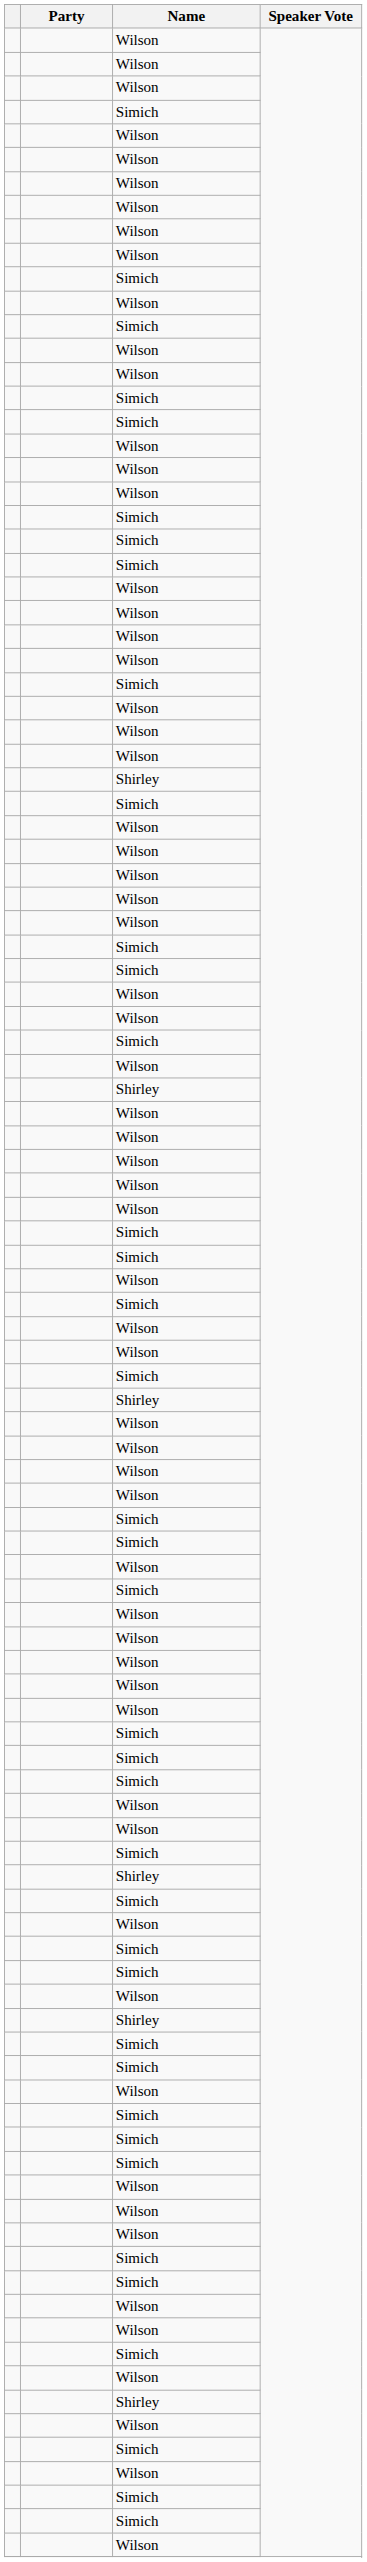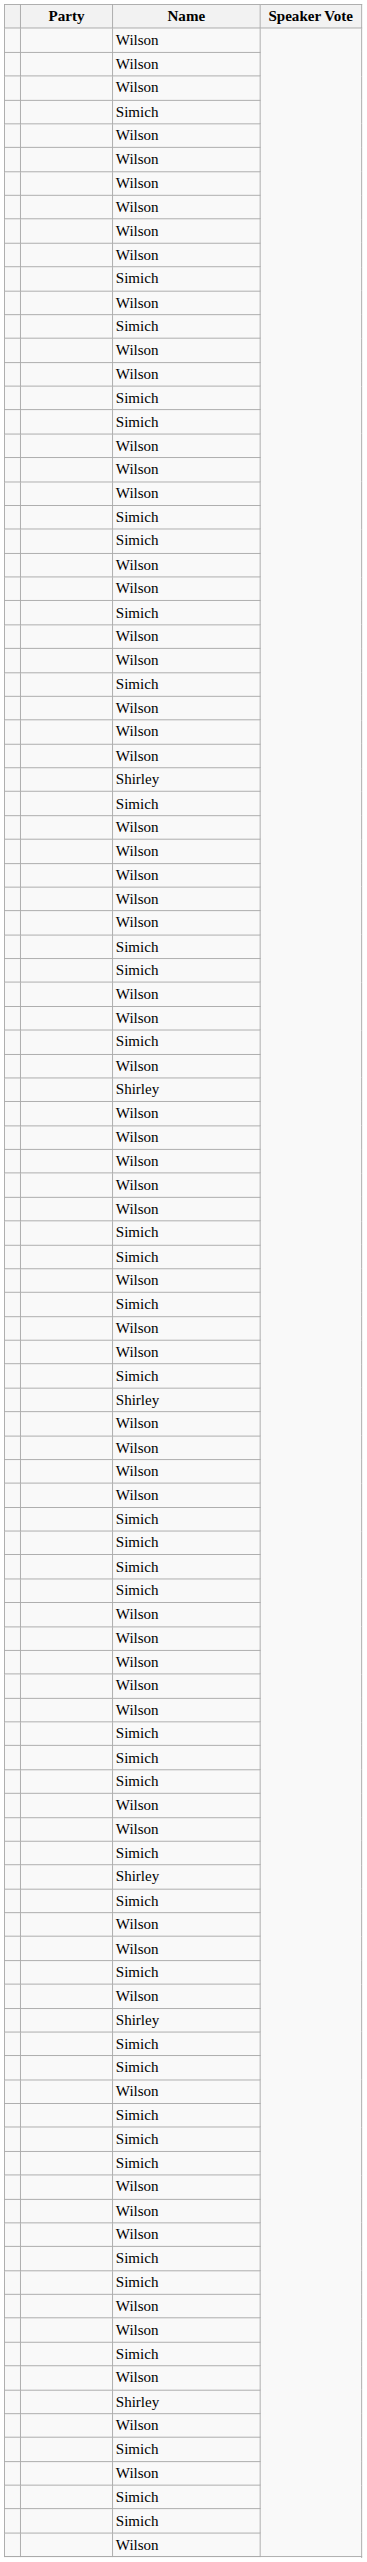 <table class="wikitable sortable mw-collapsible mw-collapsed">
 <tr>
 <th width=10 class=unsortable></th>
 <th width=90>Party</th>
 <th width=150>Name</th>
 <th width=100>Speaker Vote</th>
 </tr>
 <tr>
 <td></td>
 <td></td>
 <td>Wilson</td>
 </tr>
 <tr>
 <td></td>
 <td></td>
 <td>Wilson</td>
 </tr>
 <tr>
 <td></td>
 <td></td>
 <td>Wilson</td>
 </tr>
 <tr>
 <td></td>
 <td></td>
 <td>Simich</td>
 </tr>
 <tr>
 <td></td>
 <td></td>
 <td>Wilson</td>
 </tr>
 <tr>
 <td></td>
 <td></td>
 <td>Wilson</td>
 </tr>
 <tr>
 <td></td>
 <td></td>
 <td>Wilson</td>
 </tr>
 <tr>
 <td></td>
 <td></td>
 <td>Wilson</td>
 </tr>
 <tr>
 <td></td>
 <td></td>
 <td>Wilson</td>
 </tr>
 <tr>
 <td></td>
 <td></td>
 <td>Wilson</td>
 </tr>
 <tr>
 <td></td>
 <td></td>
 <td>Simich</td>
 </tr>
 <tr>
 <td></td>
 <td></td>
 <td>Wilson</td>
 </tr>
 <tr>
 <td></td>
 <td></td>
 <td>Simich</td>
 </tr>
 <tr>
 <td></td>
 <td></td>
 <td>Wilson</td>
 </tr>
 <tr>
 <td></td>
 <td></td>
 <td>Wilson</td>
 </tr>
 <tr>
 <td></td>
 <td></td>
 <td>Simich</td>
 </tr>
 <tr>
 <td></td>
 <td></td>
 <td>Simich</td>
 </tr>
 <tr>
 <td></td>
 <td></td>
 <td>Wilson</td>
 </tr>
 <tr>
 <td></td>
 <td></td>
 <td>Wilson</td>
 </tr>
 <tr>
 <td></td>
 <td></td>
 <td>Wilson</td>
 </tr>
 <tr>
 <td></td>
 <td></td>
 <td>Simich</td>
 </tr>
 <tr>
 <td></td>
 <td></td>
 <td>Simich</td>
 </tr>
 <tr>
 <td></td>
 <td></td>
-<td>Simich</td>
+<td>Wilson</td>
 </tr>
 <tr>
 <td></td>
 <td></td>
 <td>Wilson</td>
 </tr>
 <tr>
 <td></td>
 <td></td>
-<td>Wilson</td>
+<td>Simich</td>
 </tr>
 <tr>
 <td></td>
 <td></td>
 <td>Wilson</td>
 </tr>
 <tr>
 <td></td>
 <td></td>
 <td>Wilson</td>
 </tr>
 <tr>
 <td></td>
 <td></td>
 <td>Simich</td>
 </tr>
 <tr>
 <td></td>
 <td></td>
 <td>Wilson</td>
 </tr>
 <tr>
 <td></td>
 <td></td>
 <td>Wilson</td>
 </tr>
 <tr>
 <td></td>
 <td></td>
 <td>Wilson</td>
 </tr>
 <tr>
 <td></td>
 <td></td>
 <td>Shirley</td>
 </tr>
 <tr>
 <td></td>
 <td></td>
 <td>Simich</td>
 </tr>
 <tr>
 <td></td>
 <td></td>
 <td>Wilson</td>
 </tr>
 <tr>
 <td></td>
 <td></td>
 <td>Wilson</td>
 </tr>
 <tr>
 <td></td>
 <td></td>
 <td>Wilson</td>
 </tr>
 <tr>
 <td></td>
 <td></td>
 <td>Wilson</td>
 </tr>
 <tr>
 <td></td>
 <td></td>
 <td>Wilson</td>
 </tr>
 <tr>
 <td></td>
 <td></td>
 <td>Simich</td>
 </tr>
 <tr>
 <td></td>
 <td></td>
 <td>Simich</td>
 </tr>
 <tr>
 <td></td>
 <td></td>
 <td>Wilson</td>
 </tr>
 <tr>
 <td></td>
 <td></td>
 <td>Wilson</td>
 </tr>
 <tr>
 <td></td>
 <td></td>
 <td>Simich</td>
 </tr>
 <tr>
 <td></td>
 <td></td>
 <td>Wilson</td>
 </tr>
 <tr>
 <td></td>
 <td></td>
 <td>Shirley</td>
 </tr>
 <tr>
 <td></td>
 <td></td>
 <td>Wilson</td>
 </tr>
 <tr>
 <td></td>
 <td></td>
 <td>Wilson</td>
 </tr>
 <tr>
 <td></td>
 <td></td>
 <td>Wilson</td>
 </tr>
 <tr>
 <td></td>
 <td></td>
 <td>Wilson</td>
 </tr>
 <tr>
 <td></td>
 <td></td>
 <td>Wilson</td>
 </tr>
 <tr>
 <td></td>
 <td></td>
 <td>Simich</td>
 </tr>
 <tr>
 <td></td>
 <td></td>
 <td>Simich</td>
 </tr>
 <tr>
 <td></td>
 <td></td>
 <td>Wilson</td>
 </tr>
 <tr>
 <td></td>
 <td></td>
 <td>Simich</td>
 </tr>
 <tr>
 <td></td>
 <td></td>
 <td>Wilson</td>
 </tr>
 <tr>
 <td></td>
 <td></td>
 <td>Wilson</td>
 </tr>
 <tr>
 <td></td>
 <td></td>
 <td>Simich</td>
 </tr>
 <tr>
 <td></td>
 <td></td>
 <td>Shirley</td>
 </tr>
 <tr>
 <td></td>
 <td></td>
 <td>Wilson</td>
 </tr>
 <tr>
 <td></td>
 <td></td>
 <td>Wilson</td>
 </tr>
 <tr>
 <td></td>
 <td></td>
 <td>Wilson</td>
 </tr>
 <tr>
 <td></td>
 <td></td>
 <td>Wilson</td>
 </tr>
 <tr>
 <td></td>
 <td></td>
 <td>Simich</td>
 </tr>
 <tr>
 <td></td>
 <td></td>
 <td>Simich</td>
 </tr>
 <tr>
 <td></td>
 <td></td>
-<td>Wilson</td>
+<td>Simich</td>
 </tr>
 <tr>
 <td></td>
 <td></td>
 <td>Simich</td>
 </tr>
 <tr>
 <td></td>
 <td></td>
 <td>Wilson</td>
 </tr>
 <tr>
 <td></td>
 <td></td>
 <td>Wilson</td>
 </tr>
 <tr>
 <td></td>
 <td></td>
 <td>Wilson</td>
 </tr>
 <tr>
 <td></td>
 <td></td>
 <td>Wilson</td>
 </tr>
 <tr>
 <td></td>
 <td></td>
 <td>Wilson</td>
 </tr>
 <tr>
 <td></td>
 <td></td>
 <td>Simich</td>
 </tr>
 <tr>
 <td></td>
 <td></td>
 <td>Simich</td>
 </tr>
 <tr>
 <td></td>
 <td></td>
 <td>Simich</td>
 </tr>
 <tr>
 <td></td>
 <td></td>
 <td>Wilson</td>
 </tr>
 <tr>
 <td></td>
 <td></td>
 <td>Wilson</td>
 </tr>
 <tr>
 <td></td>
 <td></td>
 <td>Simich</td>
 </tr>
 <tr>
 <td></td>
 <td></td>
 <td>Shirley</td>
 </tr>
 <tr>
 <td></td>
 <td></td>
 <td>Simich</td>
 </tr>
 <tr>
 <td></td>
 <td></td>
 <td>Wilson</td>
 </tr>
 <tr>
 <td></td>
 <td></td>
-<td>Simich</td>
+<td>Wilson</td>
 </tr>
 <tr>
 <td></td>
 <td></td>
 <td>Simich</td>
 </tr>
 <tr>
 <td></td>
 <td></td>
 <td>Wilson</td>
 </tr>
 <tr>
 <td></td>
 <td></td>
 <td>Shirley</td>
 </tr>
 <tr>
 <td></td>
 <td></td>
 <td>Simich</td>
 </tr>
 <tr>
 <td></td>
 <td></td>
 <td>Simich</td>
 </tr>
 <tr>
 <td></td>
 <td></td>
 <td>Wilson</td>
 </tr>
 <tr>
 <td></td>
 <td></td>
 <td>Simich</td>
 </tr>
 <tr>
 <td></td>
 <td></td>
 <td>Simich</td>
 </tr>
 <tr>
 <td></td>
 <td></td>
 <td>Simich</td>
 </tr>
 <tr>
 <td></td>
 <td></td>
 <td>Wilson</td>
 </tr>
 <tr>
 <td></td>
 <td></td>
 <td>Wilson</td>
 </tr>
 <tr>
 <td></td>
 <td></td>
 <td>Wilson</td>
 </tr>
 <tr>
 <td></td>
 <td></td>
 <td>Simich</td>
 </tr>
 <tr>
 <td></td>
 <td></td>
 <td>Simich</td>
 </tr>
 <tr>
 <td></td>
 <td></td>
 <td>Wilson</td>
 </tr>
 <tr>
 <td></td>
 <td></td>
 <td>Wilson</td>
 </tr>
 <tr>
 <td></td>
 <td></td>
 <td>Simich</td>
 </tr>
 <tr>
 <td></td>
 <td></td>
 <td>Wilson</td>
 </tr>
 <tr>
 <td></td>
 <td></td>
 <td>Shirley</td>
 </tr>
 <tr>
 <td></td>
 <td></td>
 <td>Wilson</td>
 </tr>
 <tr>
 <td></td>
 <td></td>
 <td>Simich</td>
 </tr>
 <tr>
 <td></td>
 <td></td>
 <td>Wilson</td>
 </tr>
 <tr>
 <td></td>
 <td></td>
 <td>Simich</td>
 </tr>
 <tr>
 <td></td>
 <td></td>
 <td>Simich</td>
 </tr>
 <tr>
 <td></td>
 <td></td>
 <td>Wilson</td>
 </tr>
 <tr>
 </tr>
 </table>
